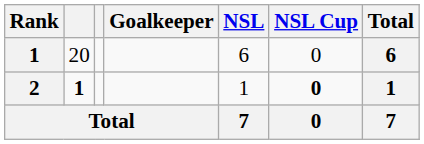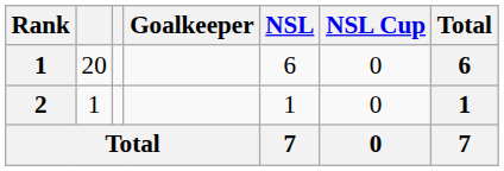 <table class="wikitable sortable" style="text-align:center">
 <tr>
 <th>Rank</th>
 <th></th>
 <th></th>
 <th>Goalkeeper</th>
 <th><a href='#'>NSL</a></th>
 <th><a href='#'>NSL Cup</a></th>
 <th>Total</th>
 </tr>
 <tr>
 <th>1</th>
 <td>20</td>
 <td></td>
 <td align="left"></td>
 <td>6</td>
 <td>0</td>
 <th>6</th>
 </tr>
 <tr>
 <th>2</th>
-<td><strong>1</strong></td>
+<td>1</td>
 <td></td>
 <td align="left"></td>
 <td>1</td>
-<td><strong>0</strong></td>
+<td>0</td>
 <th>1</th>
 </tr>
 <tr>
 <th colspan="4">Total</th>
 <th>7</th>
 <th>0</th>
 <th>7</th>
 </tr>
 </table>
